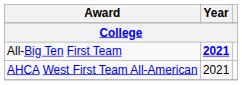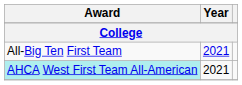 <table class="wikitable">
 <tr>
 <th>Award</th>
 <th>Year</th>
 <th></th>
 </tr>
 <tr ALIGN="center" bgcolor="#e0e0e0">
 </tr>
 <tr ALIGN="center" bgcolor="#e0e0e0">
 <th colspan="3"><a href='#'>College</a></th>
 </tr>
 <tr>
 <td>All-<a href='#'>Big Ten</a> <a href='#'>First Team</a></td>
-<td><strong><a href='#'>2021</a></strong></td>
+<td><a href='#'>2021</a></td>
 <td></td>
 </tr>
 <tr>
-<td><a href='#'>AHCA</a> <a href='#'>West First Team All-American</a></td>
+<td style="background: paleturquoise;"><a href='#'>AHCA</a> <a href='#'>West First Team All-American</a></td>
 <td>2021</td>
 <td></td>
 </tr>
 <tr>
 </tr>
 </table>
